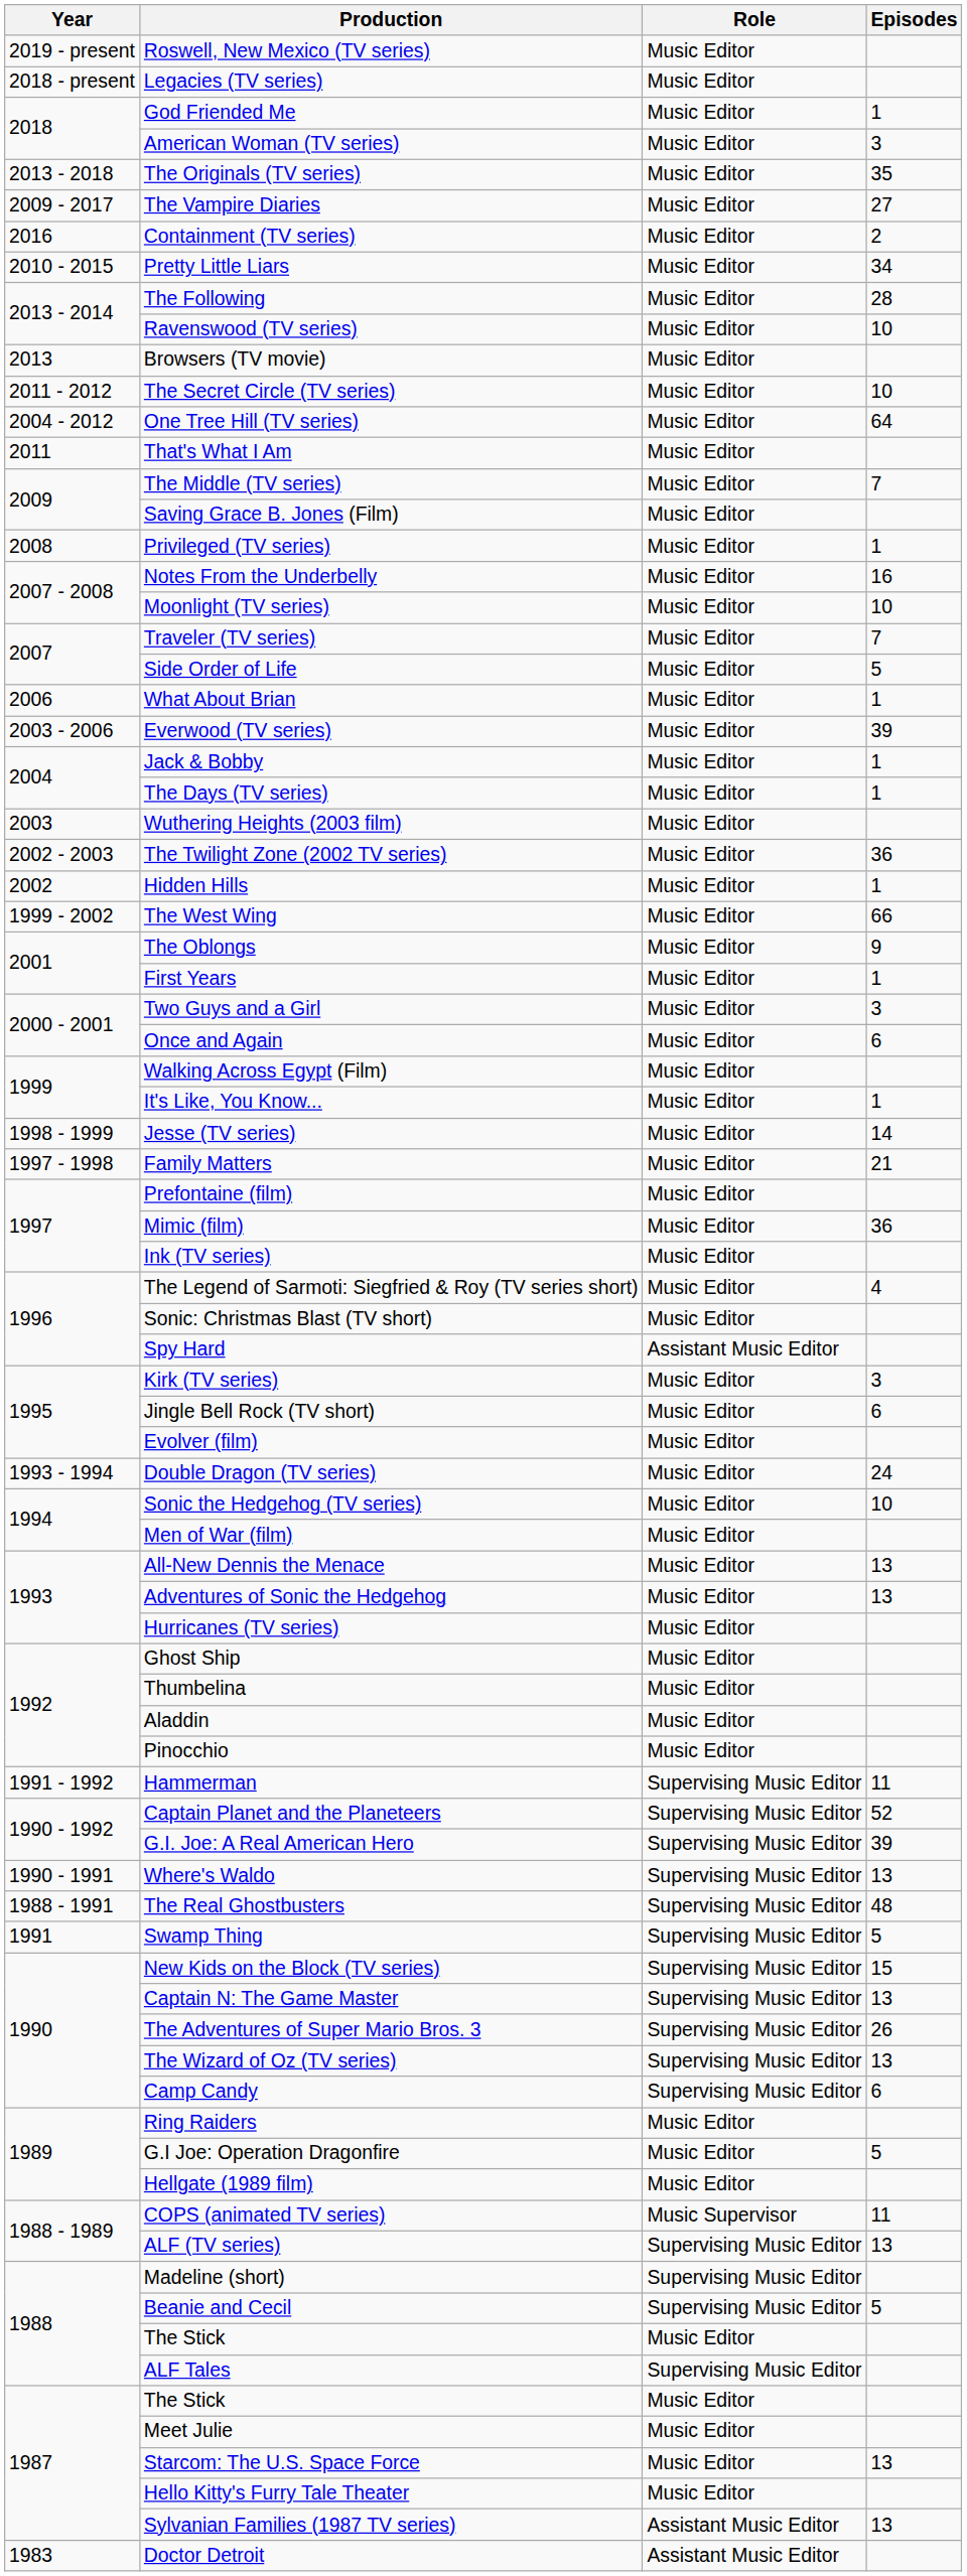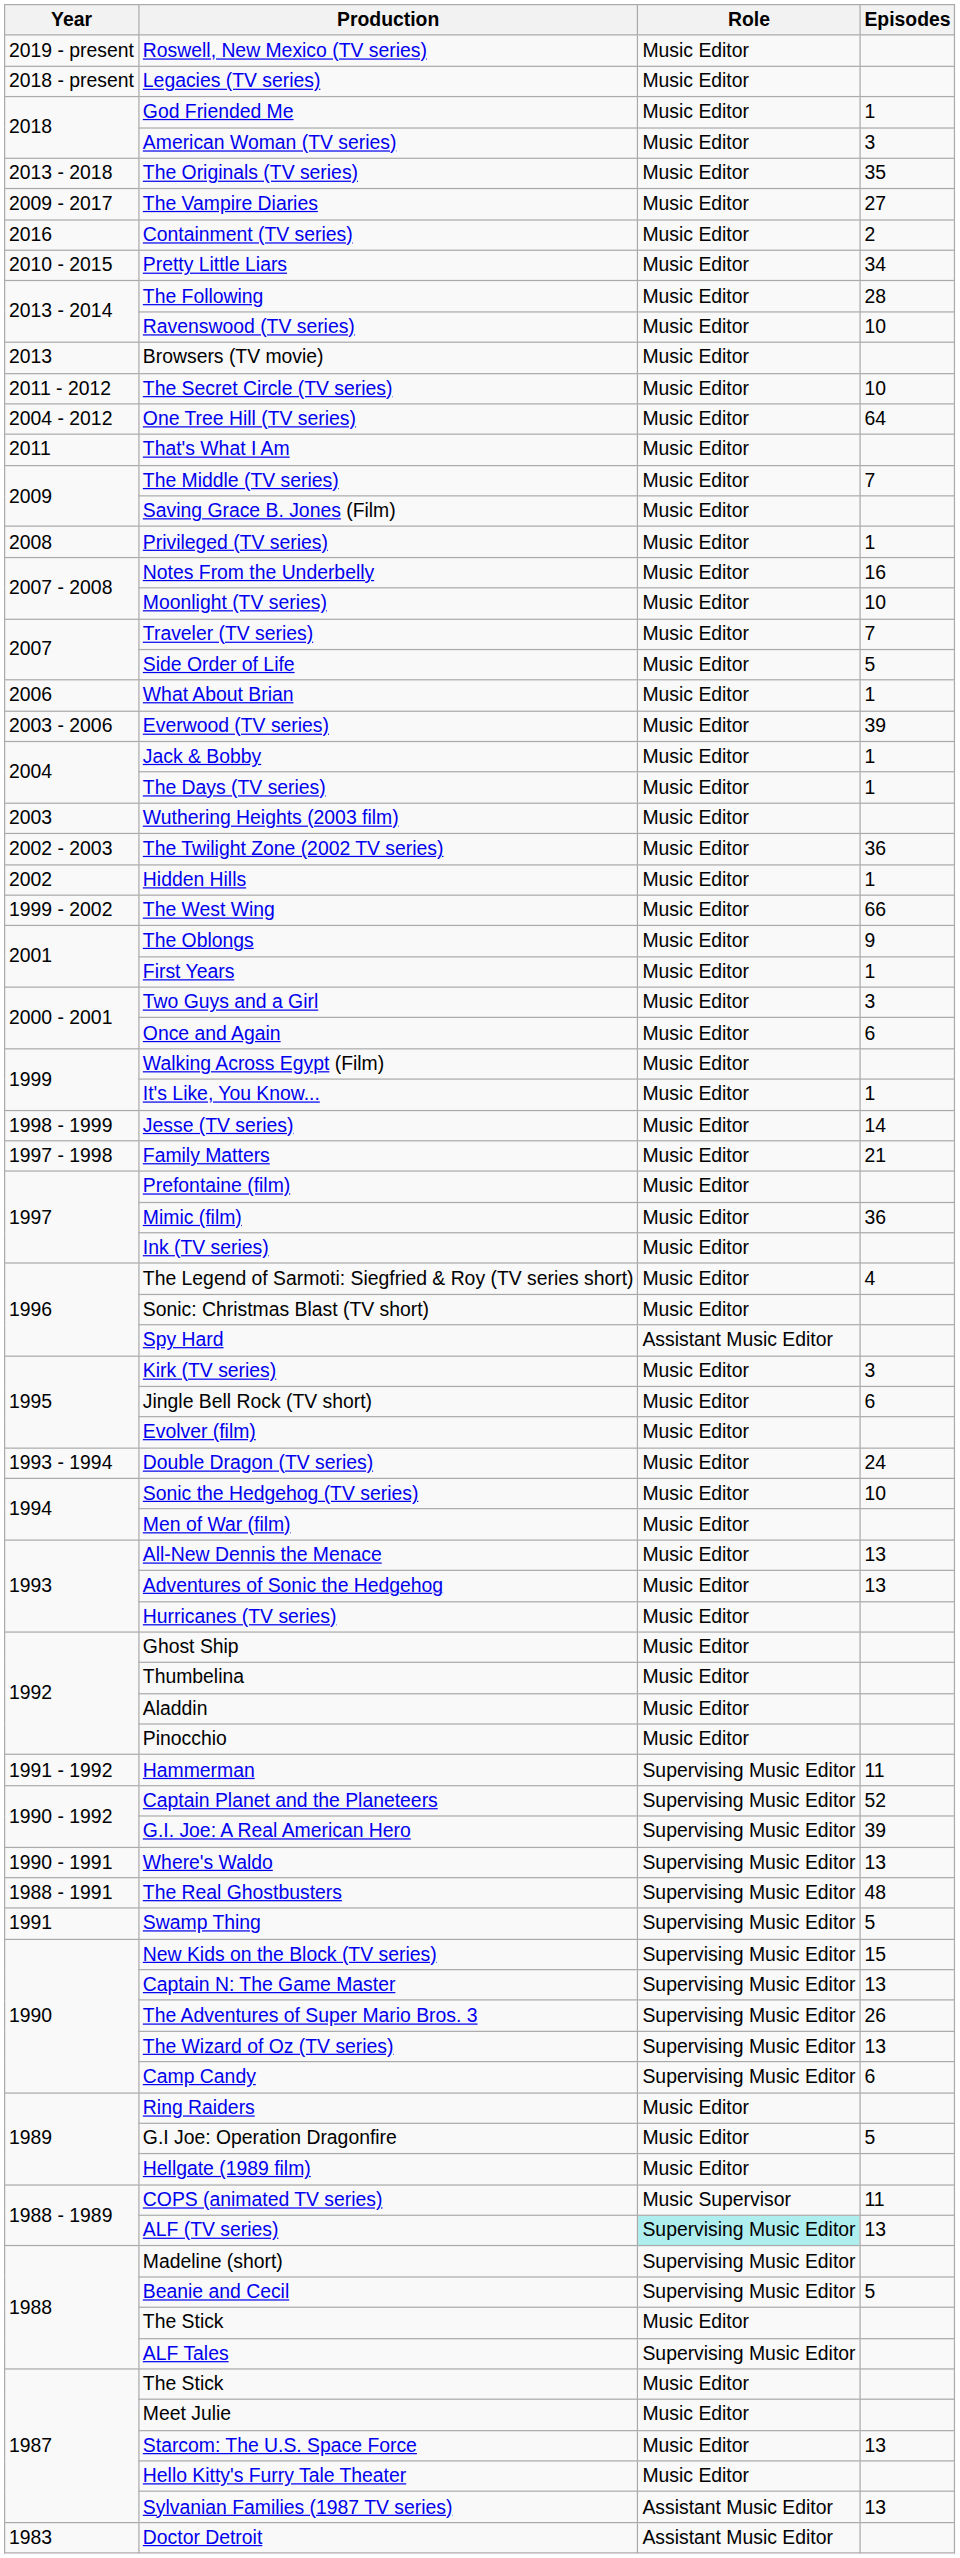 <table class="wikitable">
 <tr>
 <th>Year</th>
 <th>Production</th>
 <th>Role</th>
 <th>Episodes</th>
 </tr>
 <tr>
 <td rowspan="1">2019 - present</td>
 <td><a href='#'>Roswell, New Mexico (TV series)</a></td>
 <td>Music Editor</td>
 <td></td>
 </tr>
 <tr>
 <td rowspan="1">2018 - present</td>
 <td><a href='#'>Legacies (TV series)</a></td>
 <td>Music Editor</td>
 <td></td>
 </tr>
 <tr>
 <td rowspan="2">2018</td>
 <td><a href='#'>God Friended Me</a></td>
 <td>Music Editor</td>
 <td>1</td>
 </tr>
 <tr>
 <td><a href='#'>American Woman (TV series)</a></td>
 <td>Music Editor</td>
 <td>3</td>
 </tr>
 <tr>
 <td rowspan="1">2013 - 2018</td>
 <td><a href='#'>The Originals (TV series)</a></td>
 <td>Music Editor</td>
 <td>35</td>
 </tr>
 <tr>
 <td rowspan="1">2009 - 2017</td>
 <td><a href='#'>The Vampire Diaries</a></td>
 <td>Music Editor</td>
 <td>27</td>
 </tr>
 <tr>
 <td rowspan="1">2016</td>
 <td><a href='#'>Containment (TV series)</a></td>
 <td>Music Editor</td>
 <td>2</td>
 </tr>
 <tr>
 <td rowspan="1">2010 - 2015</td>
 <td><a href='#'>Pretty Little Liars</a></td>
 <td>Music Editor</td>
 <td>34</td>
 </tr>
 <tr>
 <td rowspan="2">2013 - 2014</td>
 <td><a href='#'>The Following</a></td>
 <td>Music Editor</td>
 <td>28</td>
 </tr>
 <tr>
 <td><a href='#'>Ravenswood (TV series)</a></td>
 <td>Music Editor</td>
 <td>10</td>
 </tr>
 <tr>
 <td rowspan="1">2013</td>
 <td>Browsers (TV movie)</td>
 <td>Music Editor</td>
 <td></td>
 </tr>
 <tr>
 <td rowspan="1">2011 - 2012</td>
 <td><a href='#'>The Secret Circle (TV series)</a></td>
 <td>Music Editor</td>
 <td>10</td>
 </tr>
 <tr>
 <td rowspan="1">2004 - 2012</td>
 <td><a href='#'>One Tree Hill (TV series)</a></td>
 <td>Music Editor</td>
 <td>64</td>
 </tr>
 <tr>
 <td rowspan="1">2011</td>
 <td><a href='#'>That's What I Am</a></td>
 <td>Music Editor</td>
 <td></td>
 </tr>
 <tr>
 <td rowspan="2">2009</td>
 <td><a href='#'>The Middle (TV series)</a></td>
 <td>Music Editor</td>
 <td>7</td>
 </tr>
 <tr>
 <td><a href='#'>Saving Grace B. Jones</a> (Film)</td>
 <td>Music Editor</td>
 <td></td>
 </tr>
 <tr>
 <td rowspan="1">2008</td>
 <td><a href='#'>Privileged (TV series)</a></td>
 <td>Music Editor</td>
 <td>1</td>
 </tr>
 <tr>
 <td rowspan="2">2007 - 2008</td>
 <td><a href='#'>Notes From the Underbelly</a></td>
 <td>Music Editor</td>
 <td>16</td>
 </tr>
 <tr>
 <td><a href='#'>Moonlight (TV series)</a></td>
 <td>Music Editor</td>
 <td>10</td>
 </tr>
 <tr>
 <td rowspan="2">2007</td>
 <td><a href='#'>Traveler (TV series)</a></td>
 <td>Music Editor</td>
 <td>7</td>
 </tr>
 <tr>
 <td><a href='#'>Side Order of Life</a></td>
 <td>Music Editor</td>
 <td>5</td>
 </tr>
 <tr>
 <td rowspan="1">2006</td>
 <td><a href='#'>What About Brian</a></td>
 <td>Music Editor</td>
 <td>1</td>
 </tr>
 <tr>
 <td rowspan="1">2003 - 2006</td>
 <td><a href='#'>Everwood (TV series)</a></td>
 <td>Music Editor</td>
 <td>39</td>
 </tr>
 <tr>
 <td rowspan="2">2004</td>
 <td><a href='#'>Jack & Bobby</a></td>
 <td>Music Editor</td>
 <td>1</td>
 </tr>
 <tr>
 <td><a href='#'>The Days (TV series)</a></td>
 <td>Music Editor</td>
 <td>1</td>
 </tr>
 <tr>
 <td rowspan="1">2003</td>
 <td><a href='#'>Wuthering Heights (2003 film)</a></td>
 <td>Music Editor</td>
 <td></td>
 </tr>
 <tr>
 <td rowspan="1">2002 - 2003</td>
 <td><a href='#'>The Twilight Zone (2002 TV series)</a></td>
 <td>Music Editor</td>
 <td>36</td>
 </tr>
 <tr>
 <td rowspan="1">2002</td>
 <td><a href='#'>Hidden Hills</a></td>
 <td>Music Editor</td>
 <td>1</td>
 </tr>
 <tr>
 <td rowspan="1">1999 - 2002</td>
 <td><a href='#'>The West Wing</a></td>
 <td>Music Editor</td>
 <td>66</td>
 </tr>
 <tr>
 <td rowspan="2">2001</td>
 <td><a href='#'>The Oblongs</a></td>
 <td>Music Editor</td>
 <td>9</td>
 </tr>
 <tr>
 <td><a href='#'>First Years</a></td>
 <td>Music Editor</td>
 <td>1</td>
 </tr>
 <tr>
 <td rowspan="2">2000 - 2001</td>
 <td><a href='#'>Two Guys and a Girl</a></td>
 <td>Music Editor</td>
 <td>3</td>
 </tr>
 <tr>
 <td><a href='#'>Once and Again</a></td>
 <td>Music Editor</td>
 <td>6</td>
 </tr>
 <tr>
 <td rowspan="2">1999</td>
 <td><a href='#'>Walking Across Egypt</a> (Film)</td>
 <td>Music Editor</td>
 <td></td>
 </tr>
 <tr>
 <td><a href='#'>It's Like, You Know...</a></td>
 <td>Music Editor</td>
 <td>1</td>
 </tr>
 <tr>
 <td rowspan="1">1998 - 1999</td>
 <td><a href='#'>Jesse (TV series)</a></td>
 <td>Music Editor</td>
 <td>14</td>
 </tr>
 <tr>
 <td rowspan="" 1>1997 - 1998</td>
 <td><a href='#'>Family Matters</a></td>
 <td>Music Editor</td>
 <td>21</td>
 </tr>
 <tr>
 <td rowspan="3">1997</td>
 <td><a href='#'>Prefontaine (film)</a></td>
 <td>Music Editor</td>
 <td></td>
 </tr>
 <tr>
 <td><a href='#'>Mimic (film)</a></td>
 <td>Music Editor</td>
 <td>36</td>
 </tr>
 <tr>
 <td><a href='#'>Ink (TV series)</a></td>
 <td>Music Editor</td>
 <td></td>
 </tr>
 <tr>
 <td rowspan="3">1996</td>
 <td>The Legend of Sarmoti: Siegfried & Roy (TV series short)</td>
 <td>Music Editor</td>
 <td>4</td>
 </tr>
 <tr>
 <td>Sonic: Christmas Blast (TV short)</td>
 <td>Music Editor</td>
 <td></td>
 </tr>
 <tr>
 <td><a href='#'>Spy Hard</a></td>
 <td>Assistant Music Editor</td>
 <td></td>
 </tr>
 <tr>
 <td rowspan="3">1995</td>
 <td><a href='#'>Kirk (TV series)</a></td>
 <td>Music Editor</td>
 <td>3</td>
 </tr>
 <tr>
 <td>Jingle Bell Rock (TV short)</td>
 <td>Music Editor</td>
 <td>6</td>
 </tr>
 <tr>
 <td><a href='#'>Evolver (film)</a></td>
 <td>Music Editor</td>
 <td></td>
 </tr>
 <tr>
 <td rowspan="1">1993 - 1994</td>
 <td><a href='#'>Double Dragon (TV series)</a></td>
 <td>Music Editor</td>
 <td>24</td>
 </tr>
 <tr>
 <td rowspan="2">1994</td>
 <td><a href='#'>Sonic the Hedgehog (TV series)</a></td>
 <td>Music Editor</td>
 <td>10</td>
 </tr>
 <tr>
 <td><a href='#'>Men of War (film)</a></td>
 <td>Music Editor</td>
 <td></td>
 </tr>
 <tr>
 <td rowspan="3">1993</td>
 <td><a href='#'>All-New Dennis the Menace</a></td>
 <td>Music Editor</td>
 <td>13</td>
 </tr>
 <tr>
 <td><a href='#'>Adventures of Sonic the Hedgehog</a></td>
 <td>Music Editor</td>
 <td>13</td>
 </tr>
 <tr>
 <td><a href='#'>Hurricanes (TV series)</a></td>
 <td>Music Editor</td>
 <td></td>
 </tr>
 <tr>
 <td rowspan="4">1992</td>
 <td>Ghost Ship</td>
 <td>Music Editor</td>
 <td></td>
 </tr>
 <tr>
 <td>Thumbelina</td>
 <td>Music Editor</td>
 <td></td>
 </tr>
 <tr>
 <td>Aladdin</td>
 <td>Music Editor</td>
 <td></td>
 </tr>
 <tr>
 <td>Pinocchio</td>
 <td>Music Editor</td>
 <td></td>
 </tr>
 <tr>
 <td rowspan="1">1991 - 1992</td>
 <td><a href='#'>Hammerman</a></td>
 <td>Supervising Music Editor</td>
 <td>11</td>
 </tr>
 <tr>
 <td rowspan="2">1990 - 1992</td>
 <td><a href='#'>Captain Planet and the Planeteers</a></td>
 <td>Supervising Music Editor</td>
 <td>52</td>
 </tr>
 <tr>
 <td><a href='#'>G.I. Joe: A Real American Hero</a></td>
 <td>Supervising Music Editor</td>
 <td>39</td>
 </tr>
 <tr>
 <td rowspan="1">1990 - 1991</td>
 <td><a href='#'>Where's Waldo</a></td>
 <td>Supervising Music Editor</td>
 <td>13</td>
 </tr>
 <tr>
 <td rowspan="1">1988 - 1991</td>
 <td><a href='#'>The Real Ghostbusters</a></td>
 <td>Supervising Music Editor</td>
 <td>48</td>
 </tr>
 <tr>
 <td rowspan="1">1991</td>
 <td><a href='#'>Swamp Thing</a></td>
 <td>Supervising Music Editor</td>
 <td>5</td>
 </tr>
 <tr>
 <td rowspan="5">1990</td>
 <td><a href='#'>New Kids on the Block (TV series)</a></td>
 <td>Supervising Music Editor</td>
 <td>15</td>
 </tr>
 <tr>
 <td><a href='#'>Captain N: The Game Master</a></td>
 <td>Supervising Music Editor</td>
 <td>13</td>
 </tr>
 <tr>
 <td><a href='#'>The Adventures of Super Mario Bros. 3</a></td>
 <td>Supervising Music Editor</td>
 <td>26</td>
 </tr>
 <tr>
 <td><a href='#'>The Wizard of Oz (TV series)</a></td>
 <td>Supervising Music Editor</td>
 <td>13</td>
 </tr>
 <tr>
 <td><a href='#'>Camp Candy</a></td>
 <td>Supervising Music Editor</td>
 <td>6</td>
 </tr>
 <tr>
 <td rowspan="3">1989</td>
 <td><a href='#'>Ring Raiders</a></td>
 <td>Music Editor</td>
 <td></td>
 </tr>
 <tr>
 <td>G.I Joe: Operation Dragonfire</td>
 <td>Music Editor</td>
 <td>5</td>
 </tr>
 <tr>
 <td><a href='#'>Hellgate (1989 film)</a></td>
 <td>Music Editor</td>
 <td></td>
 </tr>
 <tr>
 <td rowspan="2">1988 - 1989</td>
 <td><a href='#'>COPS (animated TV series)</a></td>
 <td>Music Supervisor</td>
 <td>11</td>
 </tr>
 <tr>
 <td><a href='#'>ALF (TV series)</a></td>
-<td>Supervising Music Editor</td>
+<td style="background: paleturquoise;">Supervising Music Editor</td>
 <td>13</td>
 </tr>
 <tr>
 <td rowspan="4">1988</td>
 <td>Madeline (short)</td>
 <td>Supervising Music Editor</td>
 <td></td>
 </tr>
 <tr>
 <td><a href='#'>Beanie and Cecil</a></td>
 <td>Supervising Music Editor</td>
 <td>5</td>
 </tr>
 <tr>
 <td>The Stick</td>
 <td>Music Editor</td>
 <td></td>
 </tr>
 <tr>
 <td><a href='#'>ALF Tales</a></td>
 <td>Supervising Music Editor</td>
 <td></td>
 </tr>
 <tr>
 <td rowspan="5">1987</td>
 <td>The Stick</td>
 <td>Music Editor</td>
 <td></td>
 </tr>
 <tr>
 <td>Meet Julie</td>
 <td>Music Editor</td>
 <td></td>
 </tr>
 <tr>
 <td><a href='#'>Starcom: The U.S. Space Force</a></td>
 <td>Music Editor</td>
 <td>13</td>
 </tr>
 <tr>
 <td><a href='#'>Hello Kitty's Furry Tale Theater</a></td>
 <td>Music Editor</td>
 <td></td>
 </tr>
 <tr>
 <td><a href='#'>Sylvanian Families (1987 TV series)</a></td>
 <td>Assistant Music Editor</td>
 <td>13</td>
 </tr>
 <tr>
 <td rowspan="1">1983</td>
 <td><a href='#'>Doctor Detroit</a></td>
 <td>Assistant Music Editor</td>
 <td></td>
 </tr>
 </table>
